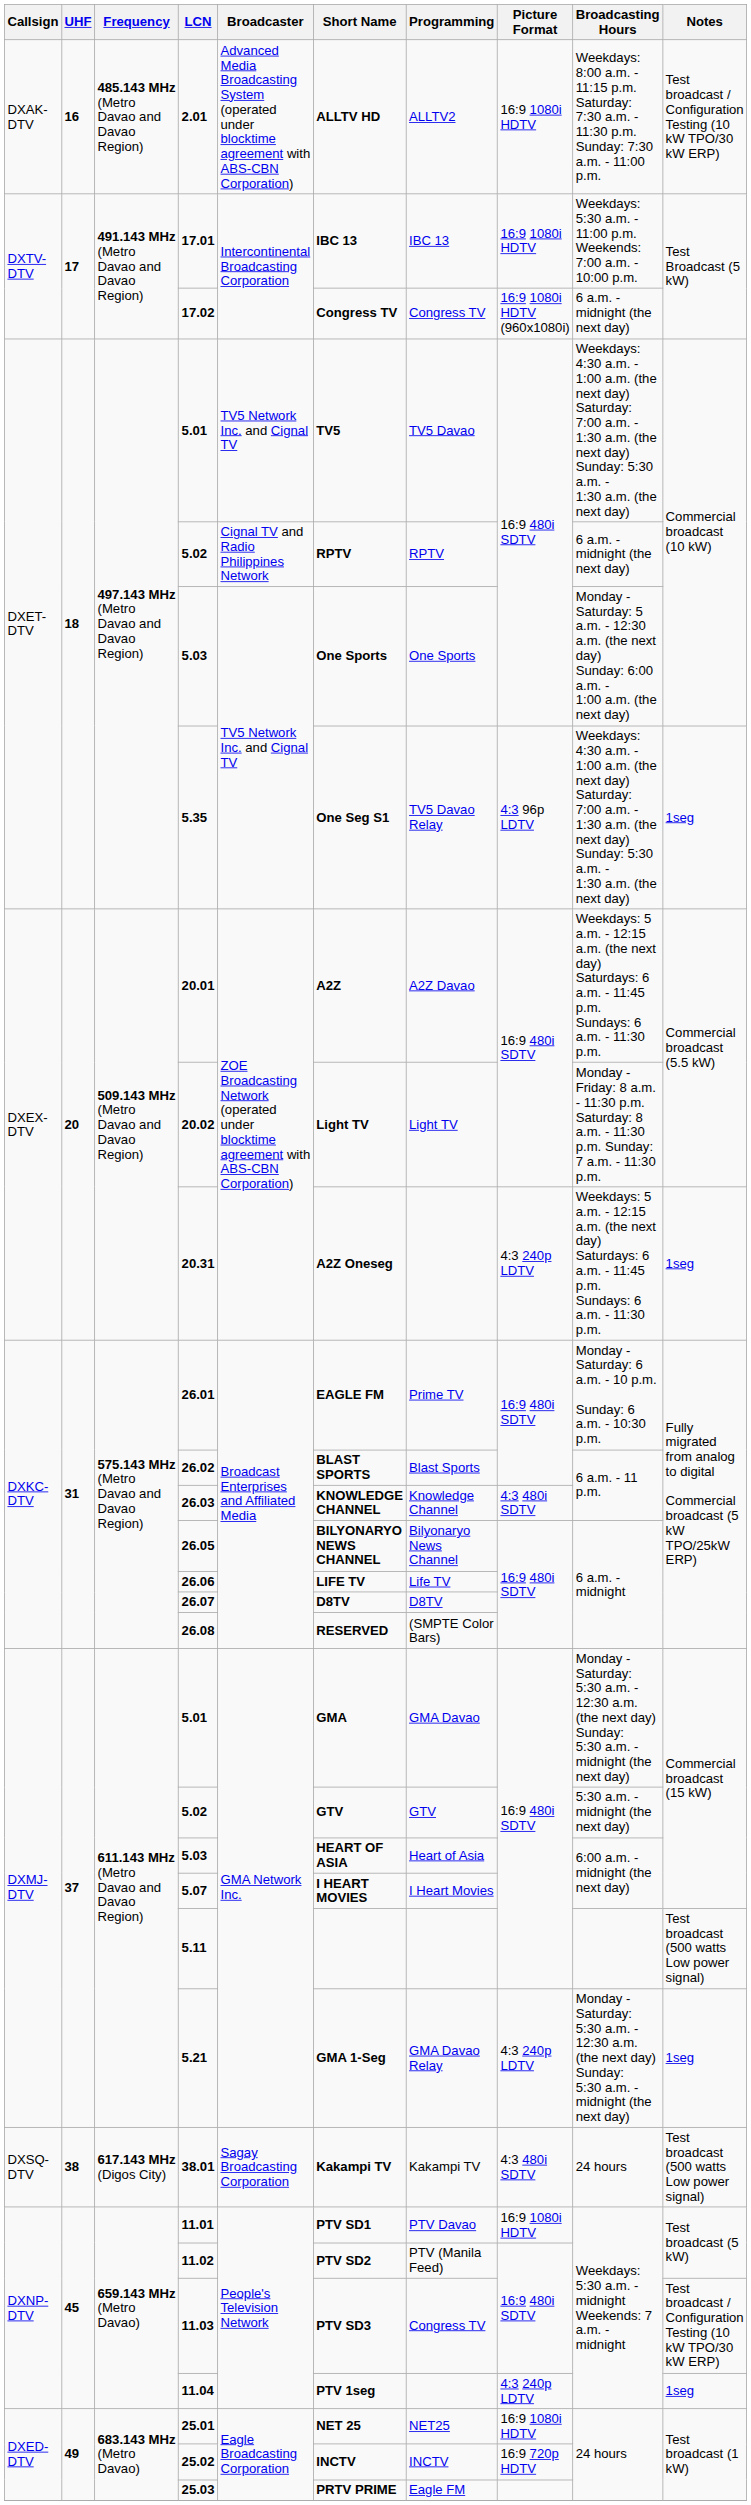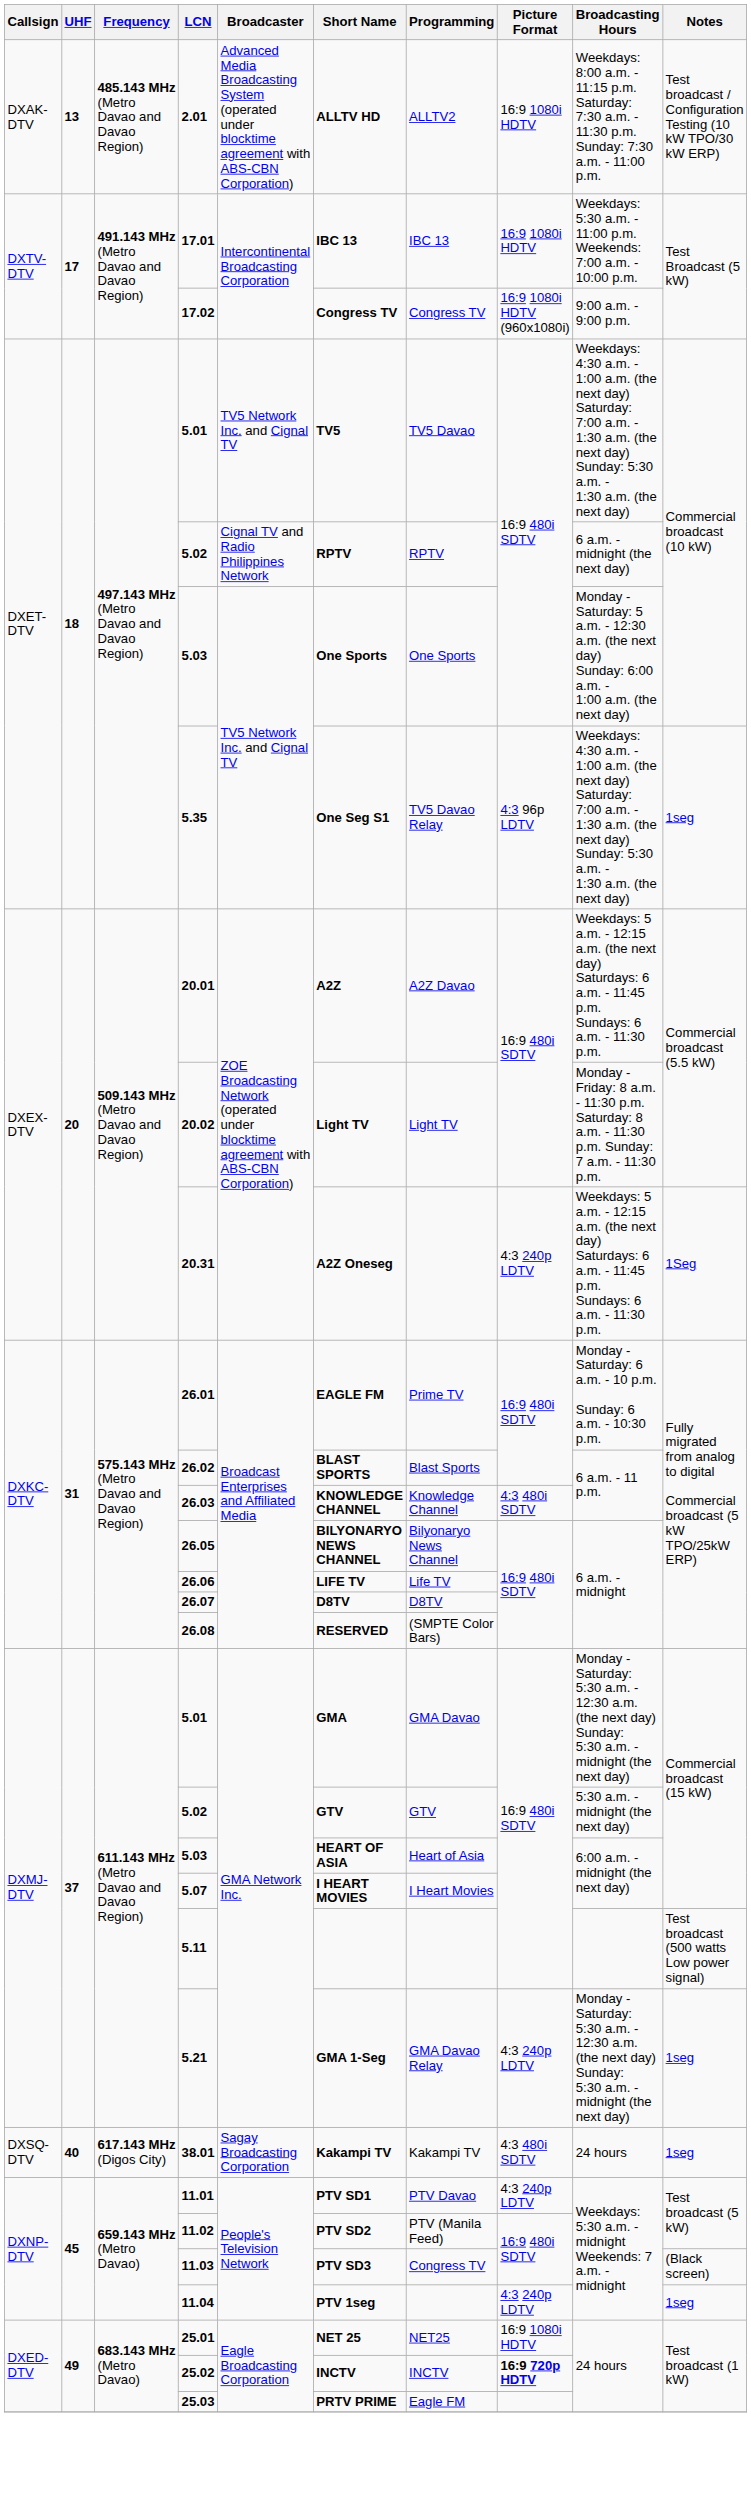 <table class="wikitable sortable">
 <tr>
 <th>Callsign</th>
 <th><a href='#'>UHF</a></th>
 <th><a href='#'>Frequency</a></th>
 <th><a href='#'>LCN</a></th>
 <th>Broadcaster</th>
 <th>Short Name</th>
 <th>Programming</th>
 <th>Picture Format</th>
 <th>Broadcasting Hours</th>
 <th>Notes</th>
 </tr>
 <tr>
 <td rowspan="1">DXAK-DTV</td>
-<td rowspan="1"><strong>16</strong></td>
+<td rowspan="1"><strong>13</strong></td>
 <td rowspan="1"><strong>485.143 MHz</strong> (Metro Davao and Davao Region)</td>
 <td><strong>2.01</strong></td>
 <td rowspan="1"><a href='#'>Advanced Media Broadcasting System</a> (operated under <a href='#'>blocktime agreement</a> with <a href='#'>ABS-CBN Corporation</a>)</td>
 <td><strong>ALLTV HD</strong></td>
 <td rowspan="1"><a href='#'>ALLTV2</a></td>
 <td>16:9 <a href='#'>1080i</a> <a href='#'>HDTV</a></td>
 <td rowspan="1">Weekdays: 8:00 a.m. - 11:15 p.m.<br>Saturday: 7:30 a.m. - 11:30 p.m.<br>Sunday: 7:30 a.m. - 11:00 p.m.</td>
 <td rowspan="1">Test broadcast / Configuration Testing (10 kW TPO/30 kW ERP)</td>
 </tr>
 <tr>
 <td rowspan="2"><a href='#'>DXTV-DTV</a></td>
 <td rowspan="2"><strong>17</strong></td>
 <td rowspan="2"><strong>491.143 MHz</strong><br>(Metro Davao and Davao Region)</td>
 <td><strong>17.01</strong></td>
 <td rowspan="2"><a href='#'>Intercontinental Broadcasting Corporation</a></td>
 <td><strong>IBC 13</strong></td>
 <td rowspan="1"><a href='#'>IBC 13</a></td>
 <td><a href='#'>16:9</a> <a href='#'>1080i</a> <a href='#'>HDTV</a></td>
 <td rowspan="1">Weekdays: 5:30 a.m. - 11:00 p.m. <br> Weekends: 7:00 a.m. - 10:00 p.m.</td>
 <td rowspan="2">Test Broadcast (5 kW)</td>
 </tr>
 <tr>
 <td><strong>17.02</strong></td>
 <td><strong>Congress TV</strong></td>
 <td rowspan="1"><a href='#'>Congress TV</a></td>
 <td><a href='#'>16:9</a> <a href='#'>1080i</a> <a href='#'>HDTV</a> (960x1080i)</td>
-<td>6 a.m. - midnight (the next day)</td>
+<td rowspan="1">9:00 a.m. - 9:00 p.m.</td>
 </tr>
 <tr>
 <td rowspan="4">DXET-DTV</td>
 <td rowspan="4"><strong>18</strong></td>
 <td rowspan="4"><strong>497.143 MHz</strong><br>(Metro Davao and Davao Region)</td>
 <td><strong>5.01</strong></td>
 <td rowspan="1"><a href='#'>TV5 Network Inc.</a> and <a href='#'>Cignal TV</a></td>
 <td><strong>TV5</strong></td>
 <td><a href='#'>TV5 Davao</a></td>
 <td rowspan="3">16:9 <a href='#'>480i</a> <a href='#'>SDTV</a></td>
 <td>Weekdays:  4:30 a.m. - 1:00 a.m. (the next day) <br> Saturday: 7:00 a.m. - 1:30 a.m. (the next day) <br> Sunday: 5:30 a.m. - 1:30 a.m. (the next day)</td>
 <td rowspan="3">Commercial broadcast (10 kW)</td>
 </tr>
 <tr>
 <td><strong>5.02</strong></td>
 <td><a href='#'>Cignal TV</a> and <a href='#'>Radio Philippines Network</a></td>
 <td><strong>RPTV</strong></td>
 <td><a href='#'>RPTV</a></td>
 <td>6 a.m. - midnight (the next day)</td>
 </tr>
 <tr>
 <td><strong>5.03</strong></td>
 <td rowspan="2"><a href='#'>TV5 Network Inc.</a> and <a href='#'>Cignal TV</a></td>
 <td><strong>One Sports</strong></td>
 <td><a href='#'>One Sports</a></td>
 <td>Monday - Saturday: 5 a.m. - 12:30 a.m. (the next day) <br> Sunday: 6:00 a.m. - 1:00 a.m. (the next day)</td>
 </tr>
 <tr>
 <td><strong>5.35</strong></td>
 <td><strong>One Seg S1</strong></td>
 <td><a href='#'>TV5 Davao Relay</a></td>
 <td><a href='#'>4:3</a> 96p <a href='#'>LDTV</a></td>
 <td>Weekdays:  4:30 a.m. - 1:00 a.m. (the next day) <br> Saturday: 7:00 a.m. - 1:30 a.m. (the next day) <br> Sunday: 5:30 a.m. - 1:30 a.m. (the next day)</td>
 <td><a href='#'>1seg</a></td>
 </tr>
 <tr>
 <td rowspan="3">DXEX-DTV</td>
 <td rowspan="3"><strong>20</strong></td>
 <td rowspan="3"><strong>509.143 MHz</strong> (Metro Davao and Davao Region)</td>
 <td><strong>20.01</strong></td>
 <td rowspan="3"><a href='#'>ZOE Broadcasting Network</a> (operated under <a href='#'>blocktime agreement</a> with <a href='#'>ABS-CBN Corporation</a>)</td>
 <td><strong>A2Z</strong></td>
 <td><a href='#'>A2Z Davao</a></td>
 <td rowspan="2">16:9 <a href='#'>480i</a> <a href='#'>SDTV</a></td>
 <td>Weekdays: 5 a.m. - 12:15 a.m. (the next day) <br> Saturdays: 6 a.m. - 11:45 p.m. <br> Sundays: 6 a.m. - 11:30 p.m.</td>
 <td rowspan="2">Commercial broadcast (5.5 kW)</td>
 </tr>
 <tr>
 <td rowspan="1"><strong>20.02</strong></td>
 <td><strong>Light TV</strong></td>
 <td><a href='#'>Light TV</a></td>
 <td>Monday - Friday: 8 a.m. - 11:30 p.m.  Saturday: 8 a.m. - 11:30 p.m.  Sunday: 7 a.m. - 11:30 p.m.</td>
 </tr>
 <tr>
 <td rowspan="1"><strong>20.31</strong></td>
 <td><strong>A2Z Oneseg</strong></td>
 <td></td>
 <td>4:3 <a href='#'>240p</a> <a href='#'>LDTV</a></td>
 <td>Weekdays: 5 a.m. - 12:15 a.m. (the next day) <br> Saturdays: 6 a.m. - 11:45 p.m. <br> Sundays: 6 a.m. - 11:30 p.m.</td>
-<td><a href='#'>1seg</a></td>
+<td><a href='#'>1Seg</a></td>
 </tr>
 <tr>
 <td rowspan="7"><a href='#'>DXKC-DTV</a></td>
 <td rowspan="7"><strong>31</strong></td>
 <td rowspan="7"><strong>575.143 MHz</strong><br>(Metro Davao and Davao Region)</td>
 <td><strong>26.01</strong></td>
 <td rowspan="7"><a href='#'>Broadcast Enterprises and Affiliated Media</a></td>
 <td><strong>EAGLE FM</strong></td>
 <td rowspan="1"><a href='#'>Prime TV</a></td>
 <td rowspan="2"><a href='#'>16:9</a> <a href='#'>480i</a> <a href='#'>SDTV</a></td>
 <td rowspan="1">Monday - Saturday: 6 a.m. - 10 p.m. <br><br>Sunday: 6 a.m. - 10:30 p.m.</td>
 <td rowspan="7">Fully migrated from analog to digital <br><br>Commercial broadcast (5 kW TPO/25kW ERP)</td>
 </tr>
 <tr>
 <td><strong>26.02</strong></td>
 <td><strong>BLAST SPORTS</strong></td>
 <td><a href='#'>Blast Sports</a></td>
 <td rowspan="2">6 a.m. - 11 p.m.</td>
 </tr>
 <tr>
 <td><strong>26.03</strong></td>
 <td><strong>KNOWLEDGE CHANNEL</strong></td>
 <td><a href='#'>Knowledge Channel</a></td>
 <td><a href='#'>4:3</a> <a href='#'>480i</a> <a href='#'>SDTV</a></td>
 </tr>
 <tr>
 <td><strong>26.05</strong></td>
 <td><strong>BILYONARYO NEWS CHANNEL</strong></td>
 <td><a href='#'>Bilyonaryo News Channel</a></td>
 <td rowspan="4"><a href='#'>16:9</a> <a href='#'>480i</a> <a href='#'>SDTV</a></td>
 <td rowspan="4">6 a.m. - midnight</td>
 </tr>
 <tr>
 <td><strong>26.06</strong></td>
 <td><strong>LIFE TV</strong></td>
 <td><a href='#'>Life TV</a></td>
 </tr>
 <tr>
 <td><strong>26.07</strong></td>
 <td><strong>D8TV</strong></td>
 <td><a href='#'>D8TV</a></td>
 </tr>
 <tr>
 <td><strong>26.08</strong></td>
 <td><strong>RESERVED</strong></td>
 <td>(SMPTE Color Bars)</td>
 </tr>
 <tr>
 <td rowspan="6"><a href='#'>DXMJ-DTV</a></td>
 <td rowspan="6"><strong>37</strong></td>
 <td rowspan="6"><strong>611.143 MHz</strong><br>(Metro Davao and Davao Region)</td>
 <td><strong>5.01</strong></td>
 <td rowspan="6"><a href='#'>GMA Network Inc.</a></td>
 <td><strong>GMA</strong></td>
 <td><a href='#'>GMA Davao</a></td>
 <td rowspan="5">16:9 <a href='#'>480i</a> <a href='#'>SDTV</a></td>
 <td>Monday - Saturday: <br> 5:30 a.m. - 12:30 a.m. (the next day) <br> Sunday: <br> 5:30 a.m. - midnight (the next day)</td>
 <td rowspan="4">Commercial broadcast (15 kW)</td>
 </tr>
 <tr>
 <td><strong>5.02</strong></td>
 <td><strong>GTV</strong></td>
 <td><a href='#'>GTV</a></td>
 <td rowspan="1">5:30 a.m. - midnight (the next day)</td>
 </tr>
 <tr>
 <td><strong>5.03</strong></td>
 <td><strong>HEART OF ASIA</strong></td>
 <td><a href='#'>Heart of Asia</a></td>
 <td rowspan="2">6:00 a.m. - midnight (the next day)</td>
 </tr>
 <tr>
 <td><strong>5.07</strong></td>
 <td><strong>I HEART MOVIES</strong></td>
 <td><a href='#'>I Heart Movies</a></td>
 </tr>
 <tr>
 <td><strong>5.11</strong></td>
 <td></td>
 <td></td>
 <td></td>
 <td>Test broadcast (500 watts Low power signal)</td>
 </tr>
 <tr>
 <td><strong>5.21</strong></td>
 <td><strong>GMA 1-Seg</strong></td>
 <td><a href='#'>GMA Davao Relay</a></td>
 <td>4:3 <a href='#'>240p</a> <a href='#'>LDTV</a></td>
 <td>Monday - Saturday: <br> 5:30 a.m. - 12:30 a.m. (the next day) <br> Sunday: <br> 5:30 a.m. - midnight (the next day)</td>
 <td><a href='#'>1seg</a></td>
 </tr>
 <tr>
 <td>DXSQ-DTV</td>
-<td><strong>38</strong></td>
+<td><strong>40</strong></td>
 <td><strong>617.143 MHz</strong><br>(Digos City)</td>
 <td><strong>38.01</strong></td>
 <td><a href='#'>Sagay Broadcasting Corporation</a></td>
 <td><strong>Kakampi TV</strong></td>
 <td>Kakampi TV</td>
 <td>4:3 <a href='#'>480i</a> <a href='#'>SDTV</a></td>
 <td>24 hours</td>
-<td>Test broadcast (500 watts Low power signal)</td>
+<td><a href='#'>1seg</a></td>
 </tr>
 <tr>
 <td rowspan="4"><a href='#'>DXNP-DTV</a></td>
 <td rowspan="4"><strong>45</strong></td>
 <td rowspan="4"><strong>659.143 MHz</strong> (Metro Davao)</td>
 <td><strong>11.01</strong></td>
 <td rowspan="4"><a href='#'>People's Television Network</a></td>
 <td><strong>PTV SD1</strong></td>
 <td><a href='#'>PTV Davao</a></td>
-<td>16:9 <a href='#'>1080i</a> <a href='#'>HDTV</a></td>
+<td>4:3 <a href='#'>240p</a> <a href='#'>LDTV</a></td>
 <td rowspan="4">Weekdays: 5:30 a.m. - midnight <br> Weekends: 7 a.m. - midnight</td>
 <td rowspan="2">Test broadcast (5 kW)</td>
 </tr>
 <tr>
 <td><strong>11.02</strong></td>
 <td><strong>PTV SD2</strong></td>
 <td>PTV (Manila Feed)</td>
 <td rowspan="2'"><a href='#'>16:9</a> <a href='#'>480i</a> <a href='#'>SDTV</a></td>
 </tr>
 <tr>
 <td><strong>11.03</strong></td>
 <td><strong>PTV SD3</strong></td>
 <td><a href='#'>Congress TV</a></td>
-<td rowspan="1">Test broadcast / Configuration Testing (10 kW TPO/30 kW ERP)</td>
+<td rowspan="1">(Black screen)</td>
 </tr>
 <tr>
 <td><strong>11.04</strong></td>
 <td><strong>PTV 1seg</strong></td>
 <td></td>
 <td><a href='#'>4:3</a> <a href='#'>240p</a> <a href='#'>LDTV</a></td>
 <td><a href='#'>1seg</a></td>
 </tr>
 <tr>
 <td rowspan="3"><a href='#'>DXED-DTV</a></td>
 <td rowspan="3"><strong>49</strong></td>
 <td rowspan="3"><strong>683.143 MHz</strong><br>(Metro Davao)</td>
 <td><strong>25.01</strong></td>
 <td rowspan="3"><a href='#'>Eagle Broadcasting Corporation</a></td>
 <td><strong>NET 25</strong></td>
 <td><a href='#'>NET25</a></td>
 <td>16:9 <a href='#'>1080i</a> <a href='#'>HDTV</a></td>
 <td rowspan="3">24 hours</td>
 <td rowspan="3">Test broadcast (1 kW)</td>
 </tr>
 <tr>
 <td><strong>25.02</strong></td>
 <td><strong>INCTV</strong></td>
 <td><a href='#'>INCTV</a></td>
-<td>16:9 <a href='#'>720p</a> <a href='#'>HDTV</a></td>
+<td><strong>16:9 <a href='#'>720p</a> <a href='#'>HDTV</a></strong></td>
 </tr>
 <tr>
 <td><strong>25.03</strong></td>
 <td><strong>PRTV PRIME</strong></td>
 <td><a href='#'>Eagle FM</a></td>
 <td></td>
 </tr>
 <tr>
 </tr>
 </table>
